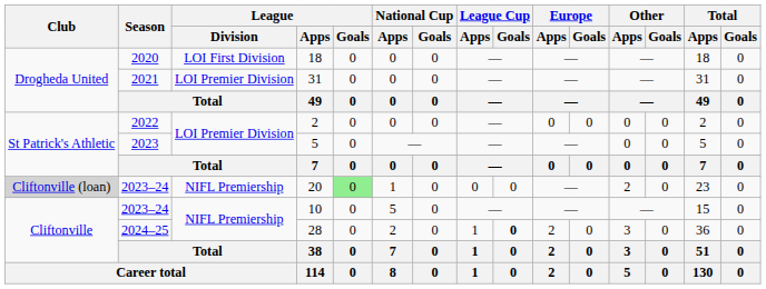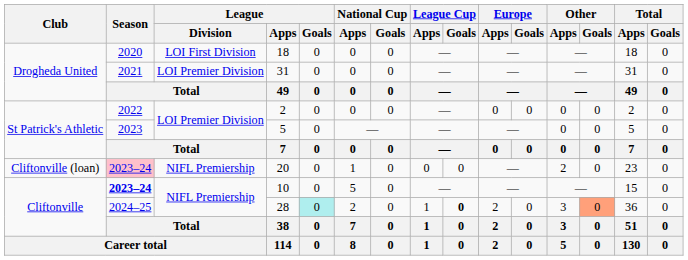 <table class="wikitable" style="text-align:center">
 <tr>
 <th rowspan="2">Club</th>
 <th rowspan="2">Season</th>
 <th colspan="3">League</th>
 <th colspan="2">National Cup</th>
 <th colspan="2"><a href='#'>League Cup</a></th>
 <th colspan="2"><a href='#'>Europe</a></th>
 <th colspan="2">Other</th>
 <th colspan="2">Total</th>
 </tr>
 <tr>
 <th>Division</th>
 <th>Apps</th>
 <th>Goals</th>
 <th>Apps</th>
 <th>Goals</th>
 <th>Apps</th>
 <th>Goals</th>
 <th>Apps</th>
 <th>Goals</th>
 <th>Apps</th>
 <th>Goals</th>
 <th>Apps</th>
 <th>Goals</th>
 </tr>
 <tr>
 <td rowspan="3"><a href='#'>Drogheda United</a></td>
 <td><a href='#'>2020</a></td>
 <td><a href='#'>LOI First Division</a></td>
 <td>18</td>
 <td>0</td>
 <td>0</td>
 <td>0</td>
 <td colspan="2">—</td>
 <td colspan="2">—</td>
 <td colspan="2">—</td>
 <td>18</td>
 <td>0</td>
 </tr>
 <tr>
 <td><a href='#'>2021</a></td>
 <td><a href='#'>LOI Premier Division</a></td>
 <td>31</td>
 <td>0</td>
 <td>0</td>
 <td>0</td>
 <td colspan="2">—</td>
 <td colspan="2">—</td>
 <td colspan="2">—</td>
 <td>31</td>
 <td>0</td>
 </tr>
 <tr>
 <th colspan="2">Total</th>
 <th>49</th>
 <th>0</th>
 <th>0</th>
 <th>0</th>
 <th colspan="2">—</th>
 <th colspan="2">—</th>
 <th colspan="2">—</th>
 <th>49</th>
 <th>0</th>
 </tr>
 <tr>
 <td rowspan="3"><a href='#'>St Patrick's Athletic</a></td>
 <td><a href='#'>2022</a></td>
 <td rowspan="2"><a href='#'>LOI Premier Division</a></td>
 <td>2</td>
 <td>0</td>
 <td>0</td>
 <td>0</td>
 <td colspan="2">—</td>
 <td>0</td>
 <td>0</td>
 <td>0</td>
 <td>0</td>
 <td>2</td>
 <td>0</td>
 </tr>
 <tr>
 <td><a href='#'>2023</a></td>
 <td>5</td>
 <td>0</td>
 <td colspan="2">—</td>
 <td colspan="2">—</td>
 <td colspan="2">—</td>
 <td>0</td>
 <td>0</td>
 <td>5</td>
 <td>0</td>
 </tr>
 <tr>
 <th colspan="2">Total</th>
 <th>7</th>
 <th>0</th>
 <th>0</th>
 <th>0</th>
 <th colspan="2">—</th>
 <th>0</th>
 <th>0</th>
 <th>0</th>
 <th>0</th>
 <th>7</th>
 <th>0</th>
 </tr>
 <tr>
-<td style="background: lightgrey;"><a href='#'>Cliftonville</a> (loan)</td>
-<td><a href='#'>2023–24</a></td>
+<td><a href='#'>Cliftonville</a> (loan)</td>
+<td style="background: pink;"><a href='#'>2023–24</a></td>
 <td><a href='#'>NIFL Premiership</a></td>
 <td>20</td>
-<td style="background: lightgreen;">0</td>
+<td>0</td>
 <td>1</td>
 <td>0</td>
 <td>0</td>
 <td>0</td>
 <td colspan="2">—</td>
 <td>2</td>
 <td>0</td>
 <td>23</td>
 <td>0</td>
 </tr>
 <tr>
 <td rowspan="3"><a href='#'>Cliftonville</a></td>
-<td><a href='#'>2023–24</a></td>
+<td><strong><a href='#'>2023–24</a></strong></td>
 <td rowspan="2"><a href='#'>NIFL Premiership</a></td>
 <td>10</td>
 <td>0</td>
 <td>5</td>
 <td>0</td>
 <td colspan="2">—</td>
 <td colspan="2">—</td>
 <td colspan="2">—</td>
 <td>15</td>
 <td>0</td>
 </tr>
 <tr>
 <td><a href='#'>2024–25</a></td>
 <td>28</td>
-<td>0</td>
+<td style="background: paleturquoise;">0</td>
 <td>2</td>
 <td>0</td>
 <td>1</td>
 <td><strong>0</strong></td>
 <td>2</td>
 <td>0</td>
 <td>3</td>
-<td>0</td>
+<td style="background: lightsalmon;">0</td>
 <td>36</td>
 <td>0</td>
 </tr>
 <tr>
 <th colspan="2">Total</th>
 <th>38</th>
 <th>0</th>
 <th>7</th>
 <th>0</th>
 <th>1</th>
 <th>0</th>
 <th>2</th>
 <th>0</th>
 <th>3</th>
 <th>0</th>
 <th>51</th>
 <th>0</th>
 </tr>
 <tr>
 <th colspan="3">Career total</th>
 <th>114</th>
 <th>0</th>
 <th>8</th>
 <th>0</th>
 <th>1</th>
 <th>0</th>
 <th>2</th>
 <th>0</th>
 <th>5</th>
 <th>0</th>
 <th>130</th>
 <th>0</th>
 </tr>
 </table>
